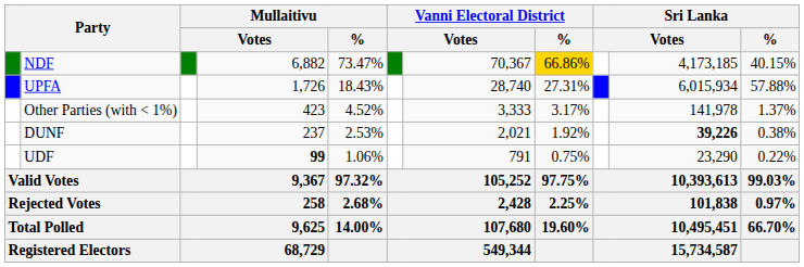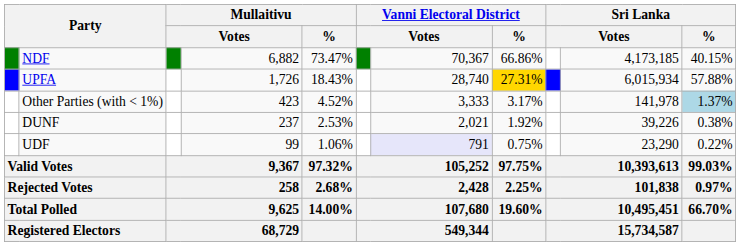 <table class="wikitable">
 <tr>
 <th colspan="2" width="144px"rowspan="2">Party</th>
 <th colspan="3" width="216px">Mullaitivu</th>
 <th colspan="3" width="216px"><a href='#'>Vanni Electoral District</a></th>
 <th colspan="3" width="216px">Sri Lanka</th>
 </tr>
 <tr>
 <th colspan="2" width="144px">Votes</th>
 <th>%</th>
 <th colspan="2" width="144px">Votes</th>
 <th>%</th>
 <th colspan="2" width="144px">Votes</th>
 <th>%</th>
 </tr>
 <tr>
 <td style="background-color:green;" width="10px"></td>
 <td style="text-align:left;"><a href='#'>NDF</a></td>
 <td style="background-color:green;" width="10px"></td>
 <td style="text-align:right;">6,882</td>
 <td style="text-align:right;">73.47%</td>
 <td style="background-color:green;" width="10px"></td>
 <td style="text-align:right;">70,367</td>
-<td style="background: gold; text-align:right;">66.86%</td>
+<td style="text-align:right;">66.86%</td>
 <td style="background-color:white;" width="10px"></td>
 <td style="text-align:right;">4,173,185</td>
 <td style="text-align:right;">40.15%</td>
 </tr>
 <tr>
 <td style="background-color:blue;" width="10px"></td>
 <td style="text-align:left;"><a href='#'>UPFA</a></td>
 <td style="background-color:white;" width="10px"></td>
 <td style="text-align:right;">1,726</td>
 <td style="text-align:right;">18.43%</td>
 <td style="background-color:white;" width="10px"></td>
 <td style="text-align:right;">28,740</td>
-<td style="text-align:right;">27.31%</td>
+<td style="background: gold; text-align:right;">27.31%</td>
 <td style="background-color:blue;" width="10px"></td>
 <td style="text-align:right;">6,015,934</td>
 <td style="text-align:right;">57.88%</td>
 </tr>
 <tr>
 <td style="background-color:white;" width="10px"></td>
 <td style="text-align:left;">Other Parties (with < 1%)</td>
 <td style="background-color:white;" width="10px"></td>
 <td style="text-align:right;">423</td>
 <td style="text-align:right;">4.52%</td>
 <td style="background-color:white;" width="10px"></td>
 <td style="text-align:right;">3,333</td>
 <td style="text-align:right;">3.17%</td>
 <td style="background-color:white;" width="10px"></td>
 <td style="text-align:right;">141,978</td>
-<td style="text-align:right;">1.37%</td>
+<td style="background: lightblue; text-align:right;">1.37%</td>
 </tr>
 <tr>
 <td style="background-color:white;" width="10px"></td>
 <td style="text-align:left;">DUNF</td>
 <td style="background-color:white;" width="10px"></td>
 <td style="text-align:right;">237</td>
 <td style="text-align:right;">2.53%</td>
 <td style="background-color:white;" width="10px"></td>
 <td style="text-align:right;">2,021</td>
 <td style="text-align:right;">1.92%</td>
 <td style="background-color:white;" width="10px"></td>
-<td style="text-align:right;"><strong>39,226</strong></td>
+<td style="text-align:right;">39,226</td>
 <td style="text-align:right;">0.38%</td>
 </tr>
 <tr>
 <td style="background-color:white;" width="10px"></td>
 <td style="text-align:left;">UDF</td>
 <td style="background-color:white;" width="10px"></td>
-<td style="text-align:right;"><strong>99</strong></td>
+<td style="text-align:right;">99</td>
 <td style="text-align:right;">1.06%</td>
 <td style="background-color:white;" width="10px"></td>
-<td style="text-align:right;">791</td>
+<td style="background: lavender; text-align:right;">791</td>
 <td style="text-align:right;">0.75%</td>
 <td style="background-color:white;" width="10px"></td>
 <td style="text-align:right;">23,290</td>
 <td style="text-align:right;">0.22%</td>
 </tr>
 <tr>
 <th colspan="2" width="144px"style="text-align:left;">Valid Votes</th>
 <th style="text-align:right;"colspan="2" width="144px">9,367</th>
 <th style="text-align:right;">97.32%</th>
 <th style="text-align:right;"colspan="2" width="144px">105,252</th>
 <th style="text-align:right;">97.75%</th>
 <th style="text-align:right;"colspan="2" width="144px">10,393,613</th>
 <th style="text-align:right;">99.03%</th>
 </tr>
 <tr>
 <th colspan="2" width="144px"style="text-align:left;">Rejected Votes</th>
 <th style="text-align:right;"colspan="2" width="144px">258</th>
 <th style="text-align:right;">2.68%</th>
 <th style="text-align:right;"colspan="2" width="144px">2,428</th>
 <th style="text-align:right;">2.25%</th>
 <th style="text-align:right;"colspan="2" width="144px">101,838</th>
 <th style="text-align:right;">0.97%</th>
 </tr>
 <tr>
 <th colspan="2" width="144px"style="text-align:left;">Total Polled</th>
 <th style="text-align:right;"colspan="2" width="144px">9,625</th>
 <th style="text-align:right;">14.00%</th>
 <th style="text-align:right;"colspan="2" width="144px">107,680</th>
 <th style="text-align:right;">19.60%</th>
 <th style="text-align:right;"colspan="2" width="144px">10,495,451</th>
 <th style="text-align:right;">66.70%</th>
 </tr>
 <tr>
 <th colspan="2" width="144px"style="text-align:left;">Registered Electors</th>
 <th style="text-align:right;"colspan="2" width="144px">68,729</th>
 <th></th>
 <th style="text-align:right;"colspan="2" width="144px">549,344</th>
 <th></th>
 <th style="text-align:right;"colspan="2" width="144px">15,734,587</th>
 <th></th>
 </tr>
 </table>
